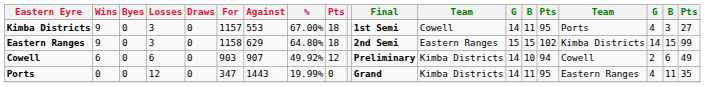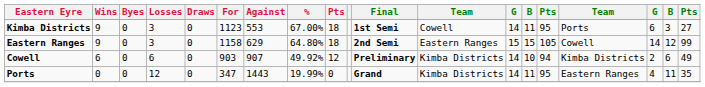 <table style="font-size: 85%; text-align: left;" class="wikitable">
 <tr>
 <th style="color:crimson">Eastern Eyre</th>
 <th style="color:crimson">Wins</th>
 <th style="color:crimson">Byes</th>
 <th style="color:crimson">Losses</th>
 <th style="color:crimson">Draws</th>
 <th style="color:crimson">For</th>
 <th style="color:crimson">Against</th>
 <th style="color:crimson">%</th>
 <th style="color:crimson">Pts</th>
 <th></th>
 <th style="color:green">Final</th>
 <th style="color:green">Team</th>
 <th style="color:green">G</th>
 <th style="color:green">B</th>
 <th style="color:green">Pts</th>
 <th style="color:green">Team</th>
 <th style="color:green">G</th>
 <th style="color:green">B</th>
 <th style="color:green">Pts</th>
 </tr>
 <tr>
 </tr>
 <tr>
 </tr>
 <tr>
 <td><strong>	Kimba Districts	</strong></td>
 <td>9</td>
 <td>0</td>
 <td>3</td>
 <td>0</td>
-<td>1157</td>
+<td>1123</td>
 <td>553</td>
 <td>67.00%</td>
 <td>18</td>
 <td></td>
 <td><strong>1st Semi</strong></td>
 <td>Cowell</td>
 <td>14</td>
 <td>11</td>
 <td>95</td>
 <td>Ports</td>
-<td>4</td>
+<td>6</td>
 <td>3</td>
 <td>27</td>
 </tr>
 <tr>
 <td><strong>	Eastern Ranges	</strong></td>
 <td>9</td>
 <td>0</td>
 <td>3</td>
 <td>0</td>
 <td>1158</td>
 <td>629</td>
 <td>64.80%</td>
 <td>18</td>
 <td></td>
 <td><strong>2nd Semi</strong></td>
 <td>Eastern Ranges</td>
 <td>15</td>
 <td>15</td>
-<td>102</td>
-<td>Kimba Districts</td>
+<td>105</td>
+<td>Cowell</td>
 <td>14</td>
-<td>15</td>
+<td>12</td>
 <td>99</td>
 </tr>
 <tr>
 <td><strong>	Cowell	</strong></td>
 <td>6</td>
 <td>0</td>
 <td>6</td>
 <td>0</td>
 <td>903</td>
 <td>907</td>
 <td>49.92%</td>
 <td>12</td>
 <td></td>
 <td><strong>Preliminary</strong></td>
 <td>Kimba Districts</td>
 <td>14</td>
 <td>10</td>
 <td>94</td>
-<td>Cowell</td>
+<td>Kimba Districts</td>
 <td>2</td>
 <td>6</td>
 <td>49</td>
 </tr>
 <tr>
 <td><strong>	Ports	</strong></td>
 <td>0</td>
 <td>0</td>
 <td>12</td>
 <td>0</td>
 <td>347</td>
 <td>1443</td>
 <td>19.99%</td>
 <td>0</td>
 <td></td>
 <td><strong>Grand</strong></td>
 <td>Kimba Districts</td>
 <td>14</td>
 <td>11</td>
 <td>95</td>
 <td>Eastern Ranges</td>
 <td>4</td>
 <td>11</td>
 <td>35</td>
 </tr>
 <tr>
 </tr>
 </table>
